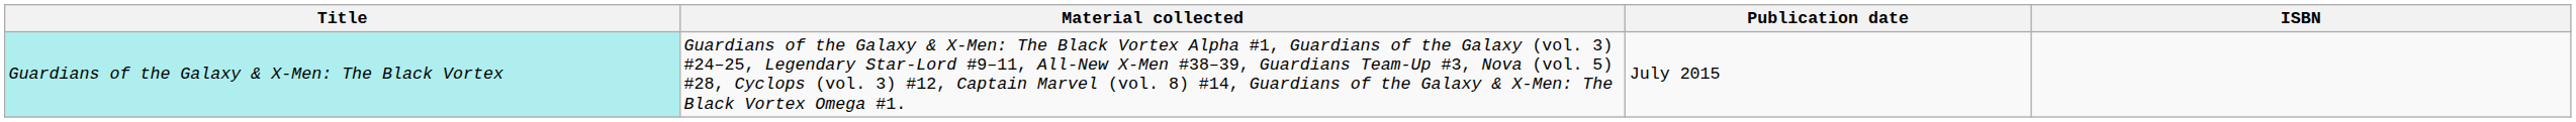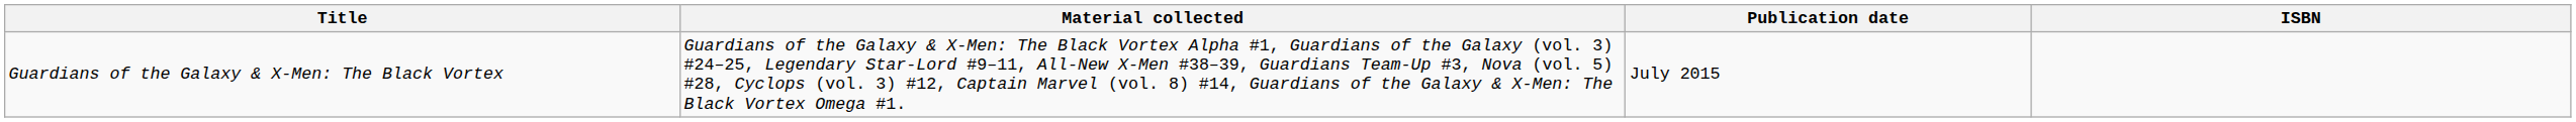 <table class="wikitable" style="width:100%;">
 <tr>
 <th style="width:25%;">Title</th>
 <th style="width:35%;">Material collected</th>
 <th style="width:15%;">Publication date</th>
 <th style="width:20%;">ISBN</th>
 </tr>
 <tr>
-<td style="background: paleturquoise;"><em>Guardians of the Galaxy & X-Men: The Black Vortex</em></td>
+<td><em>Guardians of the Galaxy & X-Men: The Black Vortex</em></td>
 <td><em>Guardians of the Galaxy & X-Men: The Black Vortex Alpha</em> #1, <em>Guardians of the Galaxy</em> (vol. 3) #24–25, <em>Legendary Star-Lord</em> #9–11, <em>All-New X-Men</em> #38–39, <em>Guardians Team-Up</em> #3, <em>Nova</em> (vol. 5) #28, <em>Cyclops</em> (vol. 3) #12, <em>Captain Marvel</em> (vol. 8) #14, <em>Guardians of the Galaxy & X-Men: The Black Vortex Omega</em> #1.</td>
 <td>July 2015</td>
 <td></td>
 </tr>
 </table>
